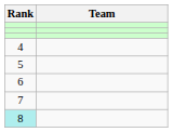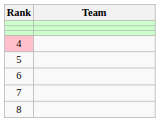 <table class=wikitable style="text-align:center;">
 <tr>
 <th>Rank</th>
 <th width=180>Team</th>
 </tr>
 <tr bgcolor=#CCFFCC>
 <td></td>
 <td align=left></td>
 </tr>
 <tr bgcolor=#CCFFCC>
 <td></td>
 <td align=left></td>
 </tr>
 <tr bgcolor=#CCFFCC>
 <td></td>
 <td align=left></td>
 </tr>
 <tr>
-<td>4</td>
+<td style="background: pink;">4</td>
 <td align=left></td>
 </tr>
 <tr>
 <td>5</td>
 <td align=left></td>
 </tr>
 <tr>
 <td>6</td>
 <td align=left></td>
 </tr>
 <tr>
 <td>7</td>
 <td align=left></td>
 </tr>
 <tr>
-<td style="background: paleturquoise;">8</td>
+<td>8</td>
 <td align=left></td>
 </tr>
 </table>
